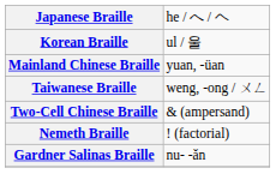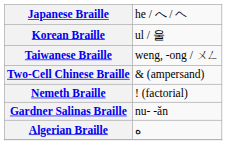 <table class="wikitable">
 <tr>
 <th align=left><a href='#'>Japanese Braille</a></th>
 <td>he / へ / ヘ </td>
 </tr>
 <tr>
 <th align=left><a href='#'>Korean Braille</a></th>
 <td>ul / 울 </td>
-</tr>
-<tr>
-<th align=left><a href='#'>Mainland Chinese Braille</a></th>
-<td>yuan, -üan </td>
 </tr>
 <tr>
 <th align=left><a href='#'>Taiwanese Braille</a></th>
 <td>weng, -ong / ㄨㄥ</td>
 </tr>
 <tr>
 <th align=left><a href='#'>Two-Cell Chinese Braille</a></th>
 <td>& (ampersand) </td>
 </tr>
 <tr>
 <th align=left><a href='#'>Nemeth Braille</a></th>
 <td>! (factorial) </td>
 </tr>
 <tr>
 <th align=left><a href='#'>Gardner Salinas Braille</a></th>
 <td>nu- -ǎn</td>
 </tr>
 <tr>
+<th align=left><a href='#'>Algerian Braille</a></th>
+<td>ه ‎</td>
+</tr>
+<tr>
 </tr>
 </table>
